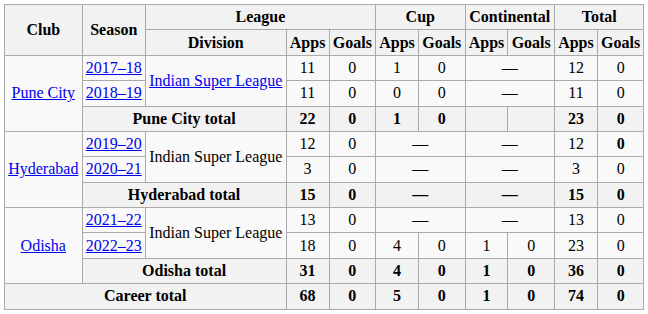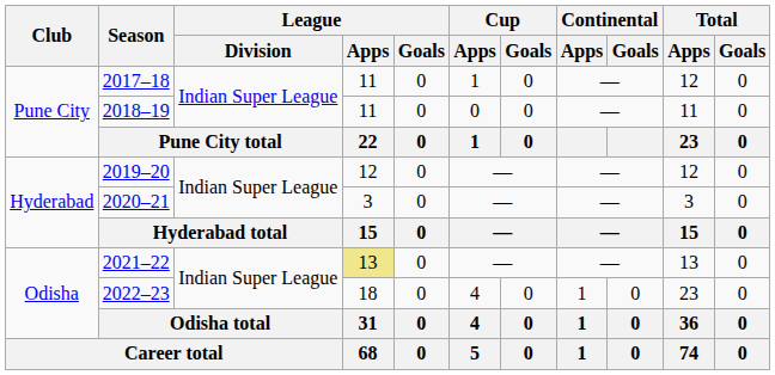 <table class="wikitable" style="text-align: center;">
 <tr>
 <th rowspan="2">Club</th>
 <th rowspan="2">Season</th>
 <th colspan="3">League</th>
 <th colspan="2">Cup</th>
 <th colspan="2">Continental</th>
 <th colspan="2">Total</th>
 </tr>
 <tr>
 <th>Division</th>
 <th>Apps</th>
 <th>Goals</th>
 <th>Apps</th>
 <th>Goals</th>
 <th>Apps</th>
 <th>Goals</th>
 <th>Apps</th>
 <th>Goals</th>
 </tr>
 <tr>
 <td rowspan="3"><a href='#'>Pune City</a></td>
 <td><a href='#'>2017–18</a></td>
 <td rowspan="2"><a href='#'>Indian Super League</a></td>
 <td>11</td>
 <td>0</td>
 <td>1</td>
 <td>0</td>
 <td colspan="2">—</td>
 <td>12</td>
 <td>0</td>
 </tr>
 <tr>
 <td><a href='#'>2018–19</a></td>
 <td>11</td>
 <td>0</td>
 <td>0</td>
 <td>0</td>
 <td colspan="2">—</td>
 <td>11</td>
 <td>0</td>
 </tr>
 <tr>
 <th colspan="2">Pune City total</th>
 <th>22</th>
 <th>0</th>
 <th>1</th>
 <th>0</th>
 <th></th>
 <th></th>
 <th>23</th>
 <th>0</th>
 </tr>
 <tr>
 <td rowspan="3"><a href='#'>Hyderabad</a></td>
 <td><a href='#'>2019–20</a></td>
 <td rowspan="2">Indian Super League</td>
 <td>12</td>
 <td>0</td>
 <td colspan="2">—</td>
 <td colspan="2">—</td>
 <td>12</td>
-<td><strong>0</strong></td>
+<td>0</td>
 </tr>
 <tr>
 <td><a href='#'>2020–21</a></td>
 <td>3</td>
 <td>0</td>
 <td colspan="2">—</td>
 <td colspan="2">—</td>
 <td>3</td>
 <td>0</td>
 </tr>
 <tr>
 <th colspan="2">Hyderabad total</th>
 <th>15</th>
 <th>0</th>
 <th colspan="2">—</th>
 <th colspan="2">—</th>
 <th>15</th>
 <th>0</th>
 </tr>
 <tr>
 <td rowspan="3"><a href='#'>Odisha</a></td>
 <td><a href='#'>2021–22</a></td>
 <td rowspan="2">Indian Super League</td>
-<td>13</td>
+<td style="background: khaki;">13</td>
 <td>0</td>
 <td colspan="2">—</td>
 <td colspan="2">—</td>
 <td>13</td>
 <td>0</td>
 </tr>
 <tr>
 <td><a href='#'>2022–23</a></td>
 <td>18</td>
 <td>0</td>
 <td>4</td>
 <td>0</td>
 <td>1</td>
 <td>0</td>
 <td>23</td>
 <td>0</td>
 </tr>
 <tr>
 <th colspan="2">Odisha total</th>
 <th>31</th>
 <th>0</th>
 <th>4</th>
 <th>0</th>
 <th>1</th>
 <th>0</th>
 <th>36</th>
 <th>0</th>
 </tr>
 <tr>
 <th colspan="3">Career total</th>
 <th>68</th>
 <th>0</th>
 <th>5</th>
 <th>0</th>
 <th>1</th>
 <th>0</th>
 <th>74</th>
 <th>0</th>
 </tr>
 </table>
